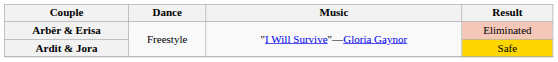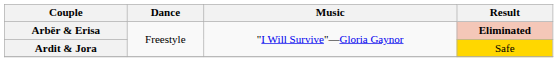 <table class="wikitable sortable" style="text-align:center; width: 90%">
 <tr>
 <th scope="col">Couple</th>
 <th scope="col" class="unsortable">Dance</th>
 <th scope="col" class="unsortable">Music</th>
 <th scope="col" class="unsortable">Result</th>
 </tr>
 <tr>
 <th scope="row">Arbër & Erisa</th>
 <td rowspan="2">Freestyle</td>
 <td rowspan="2">"<a href='#'>I Will Survive</a>"—<a href='#'>Gloria Gaynor</a></td>
-<td bgcolor= f4c7b8>Eliminated</td>
+<td bgcolor= f4c7b8><strong>Eliminated</strong></td>
 </tr>
 <tr>
 <th scope="row">Ardit & Jora</th>
 <td style="background: gold;">Safe</td>
 </tr>
 <tr>
 </tr>
 </table>
